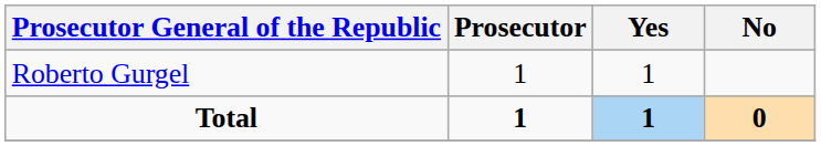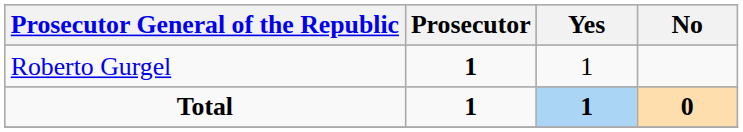 <table class="wikitable">
 <tr>
 <th><a href='#'>Prosecutor General of the Republic</a></th>
 <th width="55pt">Prosecutor</th>
 <th width="55pt">Yes</th>
 <th width="55pt">No</th>
 </tr>
 <tr>
 <td align="left"><a href='#'>Roberto Gurgel</a></td>
-<td align="center">1</td>
+<td align="center"><strong>1</strong></td>
 <td align="center">1</td>
 <td align="center"></td>
 </tr>
 <tr>
 <td align="center"><strong>Total</strong></td>
 <td align="center"><strong>1</strong></td>
 <td align="center" bgcolor="#abd5f5"><strong>1</strong></td>
 <td align="center" bgcolor="#FFDEAD"><strong>0</strong></td>
 </tr>
 <tr>
 </tr>
 </table>
